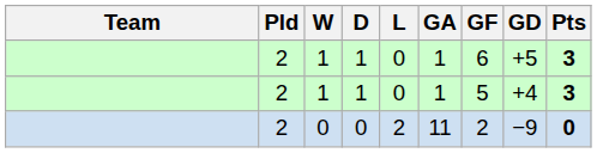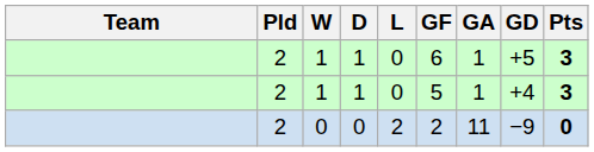 <table class="wikitable" style="text-align: center;">
 <tr>
 <th width=175>Team</th>
 <th width=20>Pld</th>
 <th width=20>W</th>
 <th width=20>D</th>
 <th width=20>L</th>
+<th width=20>GF</th>
 <th width=20>GA</th>
-<th width=20>GF</th>
 <th width=20>GD</th>
 <th width=20>Pts</th>
 </tr>
 <tr style="background:#ccffcc;">
 <td style="text-align:left;"></td>
 <td>2</td>
 <td>1</td>
 <td>1</td>
 <td>0</td>
+<td>6</td>
 <td>1</td>
-<td>6</td>
 <td>+5</td>
 <td><strong>3</strong></td>
 </tr>
 <tr style="background:#ccffcc;">
 <td style="text-align:left;"></td>
 <td>2</td>
 <td>1</td>
 <td>1</td>
 <td>0</td>
+<td>5</td>
 <td>1</td>
-<td>5</td>
 <td>+4</td>
 <td><strong>3</strong></td>
 </tr>
 <tr style="background:#CEE0F2;">
 <td style="text-align:left;"></td>
 <td>2</td>
 <td>0</td>
 <td>0</td>
 <td>2</td>
+<td>2</td>
 <td>11</td>
-<td>2</td>
 <td>−9</td>
 <td><strong>0</strong></td>
 </tr>
 </table>
